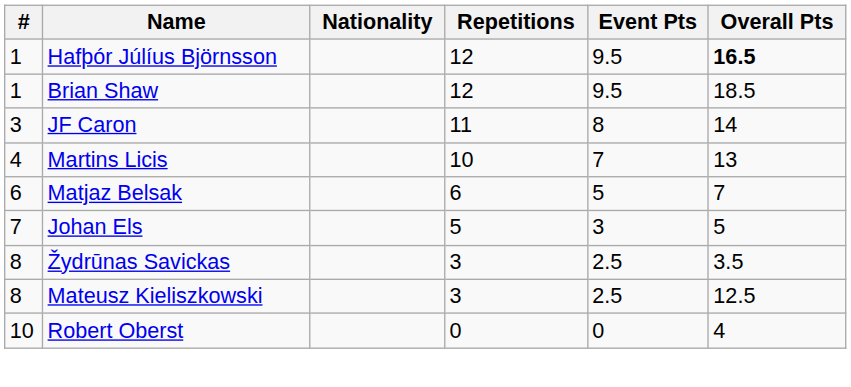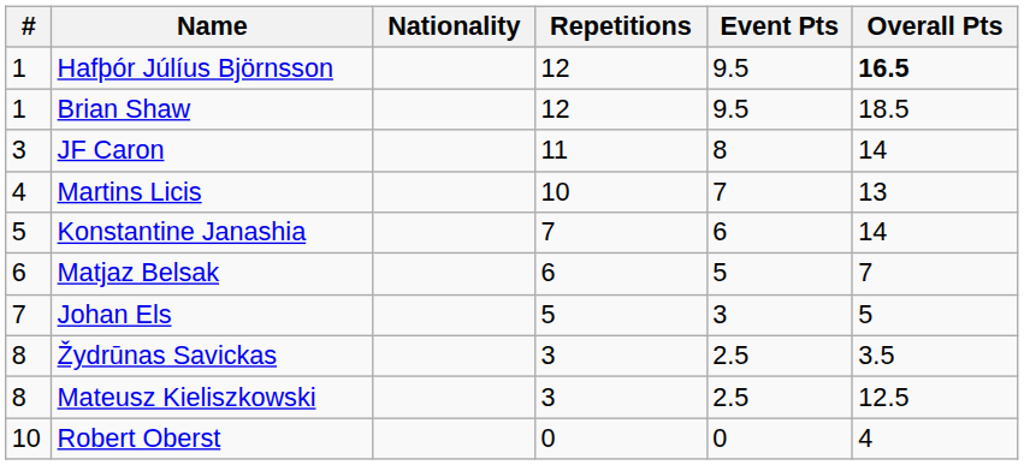 <table class="wikitable sortable" style="display: inline-table;width: 100%;">
 <tr>
 <th>#</th>
 <th>Name</th>
 <th>Nationality</th>
 <th>Repetitions</th>
 <th>Event Pts</th>
 <th>Overall Pts</th>
 </tr>
 <tr>
 <td>1</td>
 <td><a href='#'>Hafþór Júlíus Björnsson</a></td>
 <td></td>
 <td>12</td>
 <td>9.5</td>
 <td><strong>16.5</strong></td>
 </tr>
 <tr>
 <td>1</td>
 <td><a href='#'>Brian Shaw</a></td>
 <td></td>
 <td>12</td>
 <td>9.5</td>
 <td>18.5</td>
 </tr>
 <tr>
 <td>3</td>
 <td><a href='#'>JF Caron</a></td>
 <td></td>
 <td>11</td>
 <td>8</td>
 <td>14</td>
 </tr>
 <tr>
 <td>4</td>
 <td><a href='#'>Martins Licis</a></td>
 <td></td>
 <td>10</td>
 <td>7</td>
 <td>13</td>
 </tr>
 <tr>
+<td>5</td>
+<td><a href='#'>Konstantine Janashia</a></td>
+<td></td>
+<td>7</td>
+<td>6</td>
+<td>14</td>
+</tr>
+<tr>
 <td>6</td>
 <td><a href='#'>Matjaz Belsak</a></td>
 <td></td>
 <td>6</td>
 <td>5</td>
 <td>7</td>
 </tr>
 <tr>
 <td>7</td>
 <td><a href='#'>Johan Els</a></td>
 <td></td>
 <td>5</td>
 <td>3</td>
 <td>5</td>
 </tr>
 <tr>
 <td>8</td>
 <td><a href='#'>Žydrūnas Savickas</a></td>
 <td></td>
 <td>3</td>
 <td>2.5</td>
 <td>3.5</td>
 </tr>
 <tr>
 <td>8</td>
 <td><a href='#'>Mateusz Kieliszkowski</a></td>
 <td></td>
 <td>3</td>
 <td>2.5</td>
 <td>12.5</td>
 </tr>
 <tr>
 <td>10</td>
 <td><a href='#'>Robert Oberst</a></td>
 <td></td>
 <td>0</td>
 <td>0</td>
 <td>4</td>
 </tr>
 </table>
